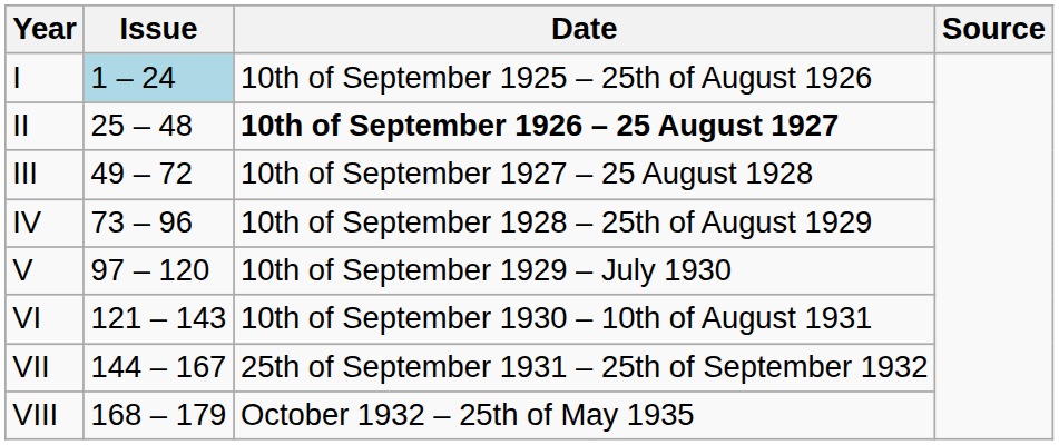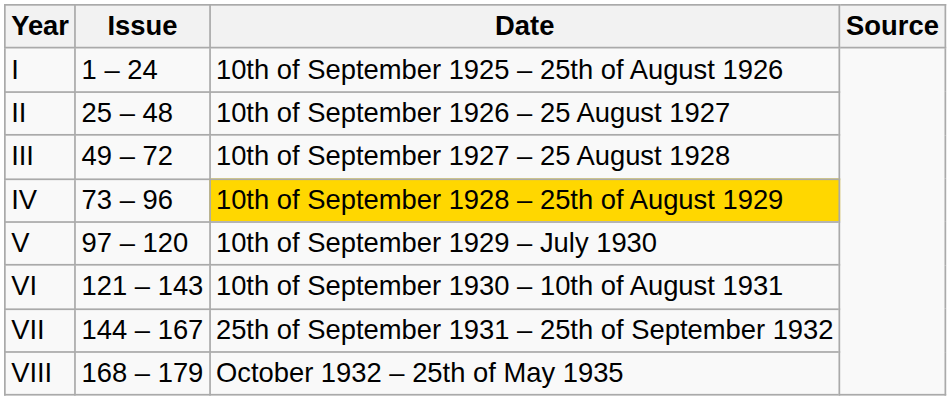 <table class="wikitable">
 <tr>
 <th>Year</th>
 <th>Issue</th>
 <th>Date</th>
 <th>Source</th>
 </tr>
 <tr>
 <td>I</td>
-<td style="background: lightblue;">1 – 24</td>
+<td>1 – 24</td>
 <td>10th of September 1925 – 25th of August 1926</td>
 <td rowspan="8"></td>
 </tr>
 <tr>
 <td>II</td>
 <td>25 – 48</td>
-<td><strong>10th of September 1926 – 25 August 1927</strong></td>
+<td>10th of September 1926 – 25 August 1927</td>
 </tr>
 <tr>
 <td>III</td>
 <td>49 – 72</td>
 <td>10th of September 1927 – 25 August 1928</td>
 </tr>
 <tr>
 <td>IV</td>
 <td>73 – 96</td>
-<td>10th of September 1928 – 25th of August 1929</td>
+<td style="background: gold;">10th of September 1928 – 25th of August 1929</td>
 </tr>
 <tr>
 <td>V</td>
 <td>97 – 120</td>
 <td>10th of September 1929 – July 1930</td>
 </tr>
 <tr>
 <td>VI</td>
 <td>121 – 143</td>
 <td>10th of September 1930 – 10th of August 1931</td>
 </tr>
 <tr>
 <td>VII</td>
 <td>144 – 167</td>
 <td>25th of  September 1931 – 25th of September 1932</td>
 </tr>
 <tr>
 <td>VIII</td>
 <td>168 – 179</td>
 <td>October 1932 – 25th of May  1935</td>
 </tr>
 </table>
